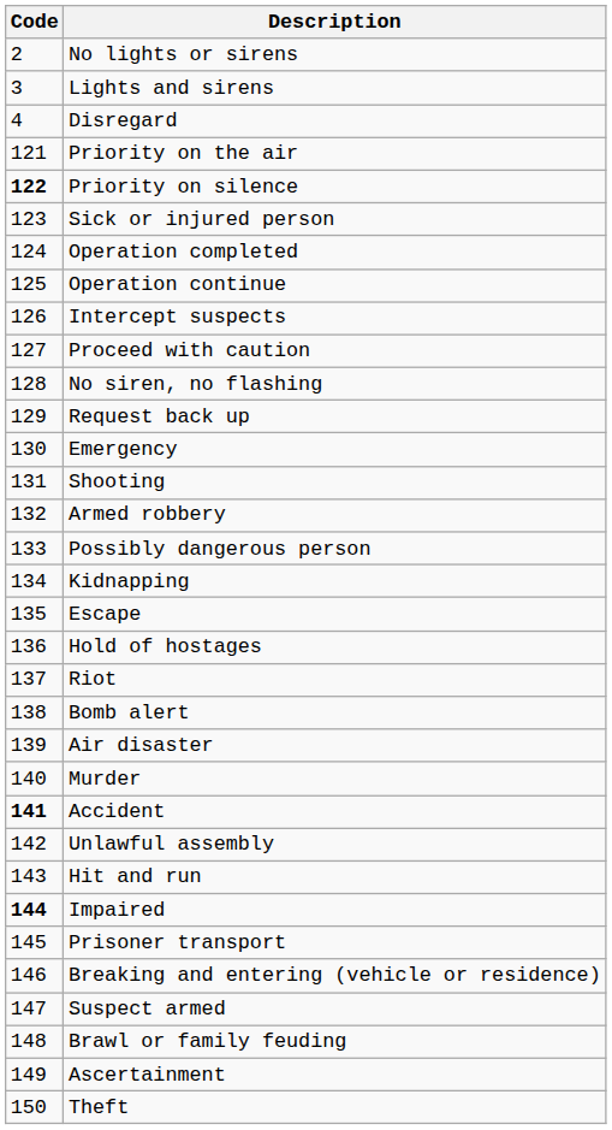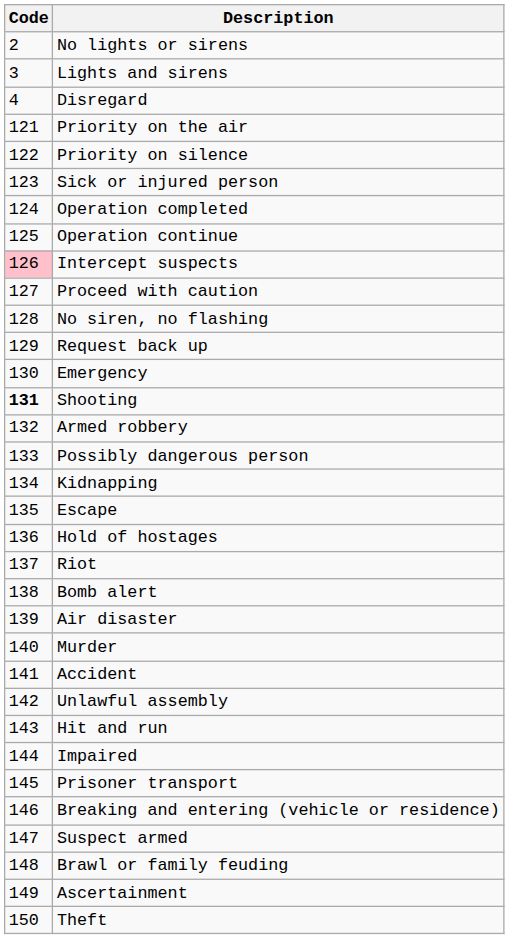 <table class="wikitable">
 <tr>
 <th>Code</th>
 <th>Description</th>
 </tr>
 <tr>
 <td>2</td>
 <td>No lights or sirens</td>
 </tr>
 <tr>
 <td>3</td>
 <td>Lights and sirens</td>
 </tr>
 <tr 187 murder>
 <td>4</td>
 <td>Disregard</td>
 </tr>
 <tr>
 <td>121</td>
 <td>Priority on the air</td>
 </tr>
 <tr>
-<td><strong>122</strong></td>
+<td>122</td>
 <td>Priority on silence</td>
 </tr>
 <tr>
 <td>123</td>
 <td>Sick or injured person</td>
 </tr>
 <tr>
 <td>124</td>
 <td>Operation completed</td>
 </tr>
 <tr>
 <td>125</td>
 <td>Operation continue</td>
 </tr>
 <tr>
-<td>126</td>
+<td style="background: pink;">126</td>
 <td>Intercept suspects</td>
 </tr>
 <tr>
 <td>127</td>
 <td>Proceed with caution</td>
 </tr>
 <tr>
 <td>128</td>
 <td>No siren, no flashing</td>
 </tr>
 <tr>
 <td>129</td>
 <td>Request back up</td>
 </tr>
 <tr>
 <td>130</td>
 <td>Emergency</td>
 </tr>
 <tr>
-<td>131</td>
+<td><strong>131</strong></td>
 <td>Shooting</td>
 </tr>
 <tr>
 <td>132</td>
 <td>Armed robbery</td>
 </tr>
 <tr>
 <td>133</td>
 <td>Possibly dangerous person</td>
 </tr>
 <tr>
 <td>134</td>
 <td>Kidnapping</td>
 </tr>
 <tr>
 <td>135</td>
 <td>Escape</td>
 </tr>
 <tr>
 <td>136</td>
 <td>Hold of hostages</td>
 </tr>
 <tr>
 <td>137</td>
 <td>Riot</td>
 </tr>
 <tr>
 <td>138</td>
 <td>Bomb alert</td>
 </tr>
 <tr>
 <td>139</td>
 <td>Air disaster</td>
 </tr>
 <tr>
 <td>140</td>
 <td>Murder</td>
 </tr>
 <tr>
-<td><strong>141</strong></td>
+<td>141</td>
 <td>Accident</td>
 </tr>
 <tr>
 <td>142</td>
 <td>Unlawful assembly</td>
 </tr>
 <tr>
 <td>143</td>
 <td>Hit and run</td>
 </tr>
 <tr>
-<td><strong>144</strong></td>
+<td>144</td>
 <td>Impaired</td>
 </tr>
 <tr>
 <td>145</td>
 <td>Prisoner transport</td>
 </tr>
 <tr>
 <td>146</td>
 <td>Breaking and entering (vehicle or residence)</td>
 </tr>
 <tr>
 <td>147</td>
 <td>Suspect armed</td>
 </tr>
 <tr>
 <td>148</td>
 <td>Brawl or family feuding</td>
 </tr>
 <tr>
 <td>149</td>
 <td>Ascertainment</td>
 </tr>
 <tr>
 <td>150</td>
 <td>Theft</td>
 </tr>
 </table>
